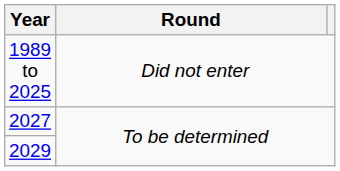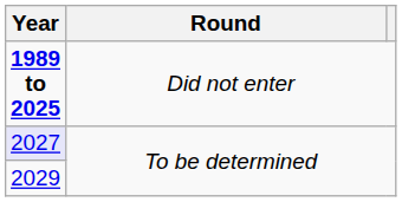 <table class="wikitable" style="text-align: center; font-size:90%">
 <tr>
 <th>Year</th>
 <th style="width:200px">Round</th>
 <th></th>
 </tr>
 <tr>
-<td><a href='#'>1989</a><br>to<br><a href='#'>2025</a></td>
+<td><strong><a href='#'>1989</a><br>to<br><a href='#'>2025</a></strong></td>
 <td colspan="2"><em>Did not enter</em></td>
 </tr>
 <tr>
-<td><a href='#'>2027</a></td>
+<td style="background: lavender;"><a href='#'>2027</a></td>
 <td colspan="2" rowspan="2"><em>To be determined</em></td>
 </tr>
 <tr>
 <td><a href='#'>2029</a></td>
 </tr>
 </table>
